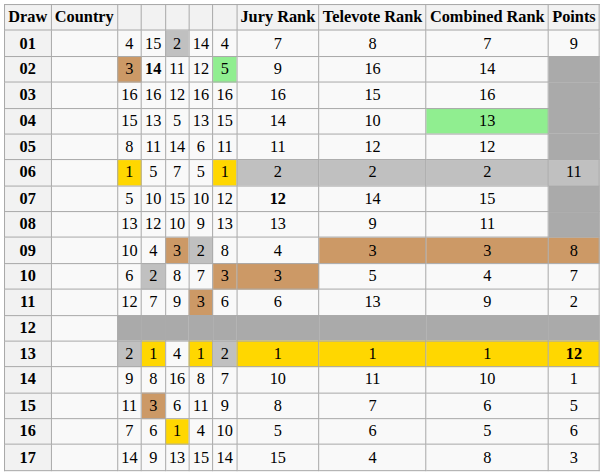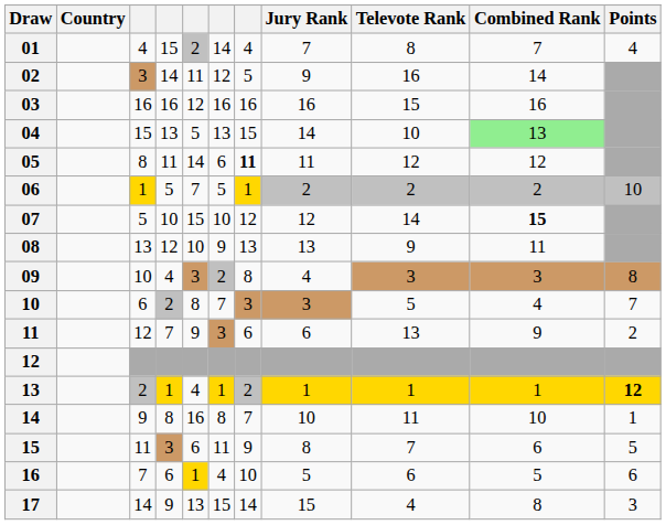 <table class="sortable wikitable collapsible plainrowheaders" style="text-align:center;">
 <tr>
 </tr>
 <tr>
 <th scope="col">Draw</th>
 <th scope="col">Country</th>
 <th scope="col"><small></small></th>
 <th scope="col"><small></small></th>
 <th scope="col"><small></small></th>
 <th scope="col"><small></small></th>
 <th scope="col"><small></small></th>
 <th scope="col">Jury Rank</th>
 <th scope="col">Televote Rank</th>
 <th scope="col">Combined Rank</th>
 <th scope="col">Points</th>
 </tr>
 <tr>
 <th scope="row" style="text-align:center;">01</th>
 <td style="text-align:left;"></td>
 <td>4</td>
 <td>15</td>
 <td style="background:silver;">2</td>
 <td>14</td>
 <td>4</td>
 <td>7</td>
 <td>8</td>
 <td>7</td>
-<td>9</td>
+<td>4</td>
 </tr>
 <tr>
 <th scope="row" style="text-align:center;">02</th>
 <td style="text-align:left;"></td>
 <td style="background:#CC9966;">3</td>
-<td><strong>14</strong></td>
+<td>14</td>
 <td>11</td>
 <td>12</td>
-<td style="background: lightgreen;">5</td>
+<td>5</td>
 <td>9</td>
 <td>16</td>
 <td>14</td>
 <td style="background:#AAAAAA;"></td>
 </tr>
 <tr>
 <th scope="row" style="text-align:center;">03</th>
 <td style="text-align:left;"></td>
 <td>16</td>
 <td>16</td>
 <td>12</td>
 <td>16</td>
 <td>16</td>
 <td>16</td>
 <td>15</td>
 <td>16</td>
 <td style="background:#AAAAAA;"></td>
 </tr>
 <tr>
 <th scope="row" style="text-align:center;">04</th>
 <td style="text-align:left;"></td>
 <td>15</td>
 <td>13</td>
 <td>5</td>
 <td>13</td>
 <td>15</td>
 <td>14</td>
 <td>10</td>
 <td style="background: lightgreen;">13</td>
 <td style="background:#AAAAAA;"></td>
 </tr>
 <tr>
 <th scope="row" style="text-align:center;">05</th>
 <td style="text-align:left;"></td>
 <td>8</td>
 <td>11</td>
 <td>14</td>
 <td>6</td>
-<td>11</td>
+<td><strong>11</strong></td>
 <td>11</td>
 <td>12</td>
 <td>12</td>
 <td style="background:#AAAAAA;"></td>
 </tr>
 <tr>
 <th scope="row" style="text-align:center;">06</th>
 <td style="text-align:left;"></td>
 <td style="background:gold;">1</td>
 <td>5</td>
 <td>7</td>
 <td>5</td>
 <td style="background:gold;">1</td>
 <td style="background:silver;">2</td>
 <td style="background:silver;">2</td>
 <td style="background:silver;">2</td>
-<td style="background:silver;">11</td>
+<td style="background:silver;">10</td>
 </tr>
 <tr>
 <th scope="row" style="text-align:center;">07</th>
 <td style="text-align:left;"></td>
 <td>5</td>
 <td>10</td>
 <td>15</td>
 <td>10</td>
 <td>12</td>
-<td><strong>12</strong></td>
+<td>12</td>
 <td>14</td>
-<td>15</td>
+<td><strong>15</strong></td>
 <td style="background:#AAAAAA;"></td>
 </tr>
 <tr>
 <th scope="row" style="text-align:center;">08</th>
 <td style="text-align:left;"></td>
 <td>13</td>
 <td>12</td>
 <td>10</td>
 <td>9</td>
 <td>13</td>
 <td>13</td>
 <td>9</td>
 <td>11</td>
 <td style="background:#AAAAAA;"></td>
 </tr>
 <tr>
 <th scope="row" style="text-align:center;">09</th>
 <td style="text-align:left;"></td>
 <td>10</td>
 <td>4</td>
 <td style="background:#CC9966;">3</td>
 <td style="background:silver;">2</td>
 <td>8</td>
 <td>4</td>
 <td style="background:#CC9966;">3</td>
 <td style="background:#CC9966;">3</td>
 <td style="background:#CC9966;">8</td>
 </tr>
 <tr>
 <th scope="row" style="text-align:center;">10</th>
 <td style="text-align:left;"></td>
 <td>6</td>
 <td style="background:silver;">2</td>
 <td>8</td>
 <td>7</td>
 <td style="background:#CC9966;">3</td>
 <td style="background:#CC9966;">3</td>
 <td>5</td>
 <td>4</td>
 <td>7</td>
 </tr>
 <tr>
 <th scope="row" style="text-align:center;">11</th>
 <td style="text-align:left;"></td>
 <td>12</td>
 <td>7</td>
 <td>9</td>
 <td style="background:#CC9966;">3</td>
 <td>6</td>
 <td>6</td>
 <td>13</td>
 <td>9</td>
 <td>2</td>
 </tr>
 <tr class="sortbottom">
 <th scope="row" style="text-align:center;">12</th>
 <td style="text-align:left;"></td>
 <td style="background:#AAAAAA;"></td>
 <td style="background:#AAAAAA;"></td>
 <td style="background:#AAAAAA;"></td>
 <td style="background:#AAAAAA;"></td>
 <td style="background:#AAAAAA;"></td>
 <td style="background:#AAAAAA;"></td>
 <td style="background:#AAAAAA;"></td>
 <td style="background:#AAAAAA;"></td>
 <td style="background:#AAAAAA;"></td>
 </tr>
 <tr>
 <th scope="row" style="text-align:center;">13</th>
 <td style="text-align:left;"></td>
 <td style="background:silver;">2</td>
 <td style="background:gold;">1</td>
 <td>4</td>
 <td style="background:gold;">1</td>
 <td style="background:silver;">2</td>
 <td style="background:gold;">1</td>
 <td style="background:gold;">1</td>
 <td style="background:gold;">1</td>
 <td style="background:gold;"><strong>12</strong></td>
 </tr>
 <tr>
 <th scope="row" style="text-align:center;">14</th>
 <td style="text-align:left;"></td>
 <td>9</td>
 <td>8</td>
 <td>16</td>
 <td>8</td>
 <td>7</td>
 <td>10</td>
 <td>11</td>
 <td>10</td>
 <td>1</td>
 </tr>
 <tr>
 <th scope="row" style="text-align:center;">15</th>
 <td style="text-align:left;"></td>
 <td>11</td>
 <td style="background:#CC9966;">3</td>
 <td>6</td>
 <td>11</td>
 <td>9</td>
 <td>8</td>
 <td>7</td>
 <td>6</td>
 <td>5</td>
 </tr>
 <tr>
 <th scope="row" style="text-align:center;">16</th>
 <td style="text-align:left;"></td>
 <td>7</td>
 <td>6</td>
 <td style="background:gold;">1</td>
 <td>4</td>
 <td>10</td>
 <td>5</td>
 <td>6</td>
 <td>5</td>
 <td>6</td>
 </tr>
 <tr>
 <th scope="row" style="text-align:center;">17</th>
 <td style="text-align:left;"></td>
 <td>14</td>
 <td>9</td>
 <td>13</td>
 <td>15</td>
 <td>14</td>
 <td>15</td>
 <td>4</td>
 <td>8</td>
 <td>3</td>
 </tr>
 </table>
